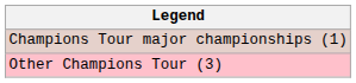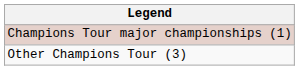 <table class="wikitable" style="font-size:95%;">
 <tr>
 <th>Legend</th>
 </tr>
 <tr style="background:#e5d1cb;">
 <td>Champions Tour major championships (1)</td>
 </tr>
 <tr>
-<td style="background: pink;">Other Champions Tour (3)</td>
+<td>Other Champions Tour (3)</td>
 </tr>
 </table>
